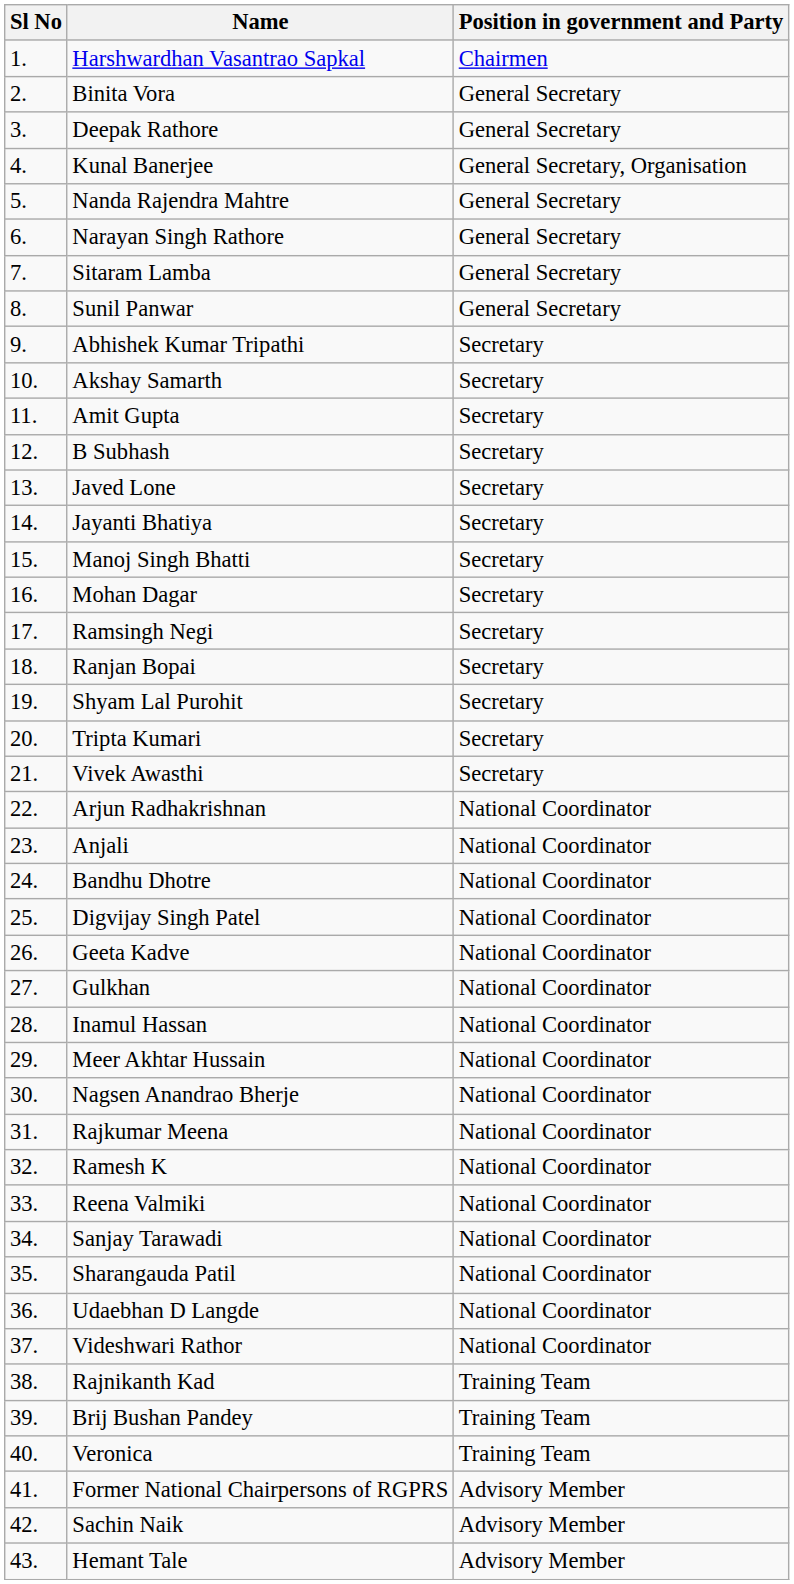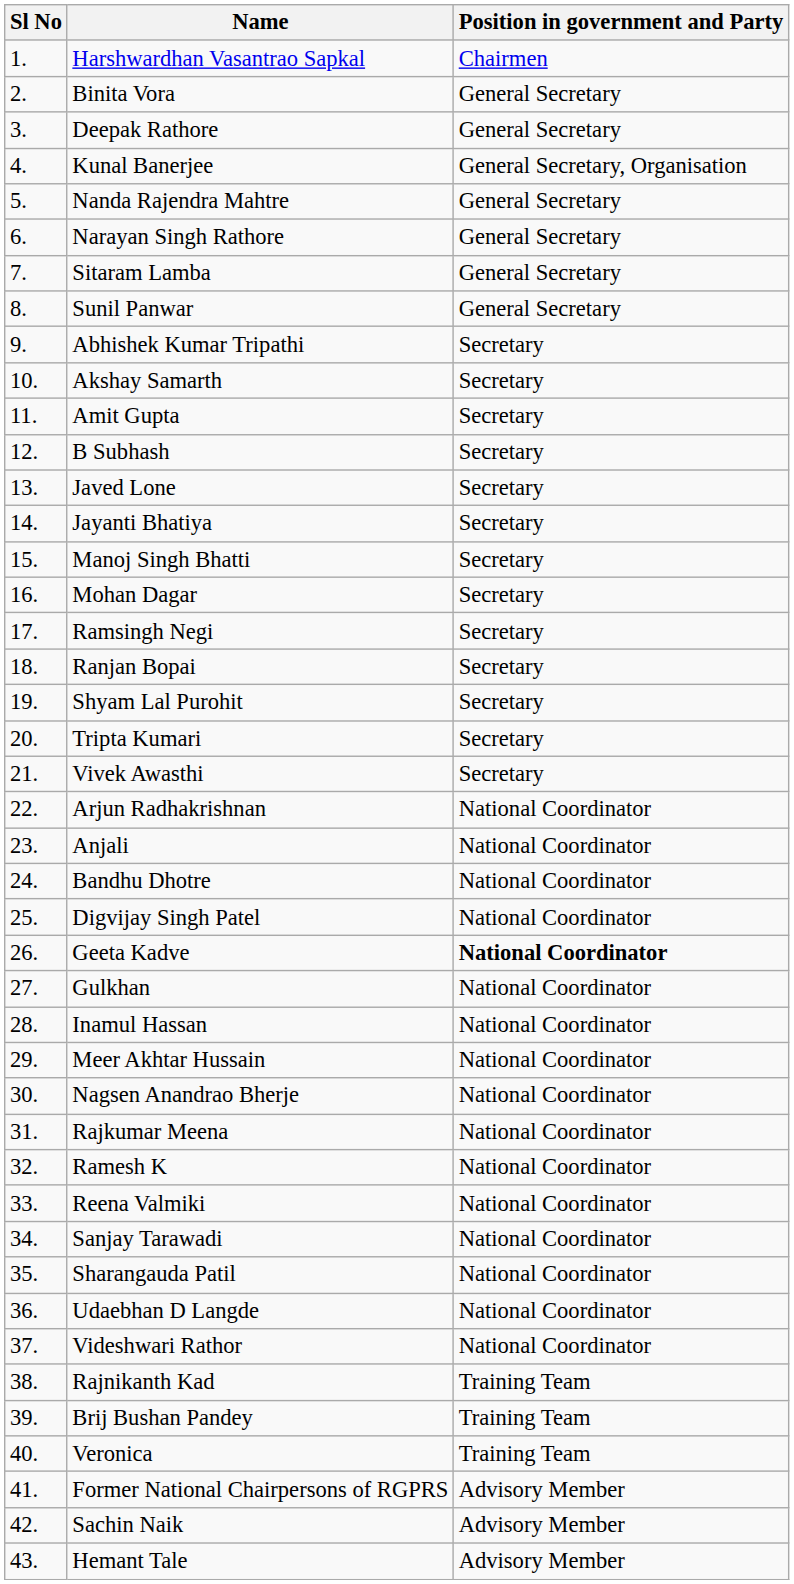 <table class="sortable wikitable">
 <tr>
 <th style="text-align:center;">Sl No</th>
 <th style="text-align:center;">Name</th>
 <th style="text-align:center;">Position in government and Party</th>
 </tr>
 <tr style="text-align:left;">
 <td>1.</td>
 <td><a href='#'>Harshwardhan Vasantrao Sapkal</a></td>
 <td><a href='#'>Chairmen</a></td>
 </tr>
 <tr>
 <td>2.</td>
 <td>Binita Vora</td>
 <td>General Secretary</td>
 </tr>
 <tr>
 <td>3.</td>
 <td>Deepak Rathore</td>
 <td>General Secretary</td>
 </tr>
 <tr>
 <td>4.</td>
 <td>Kunal Banerjee</td>
 <td>General Secretary, Organisation</td>
 </tr>
 <tr>
 <td>5.</td>
 <td>Nanda Rajendra Mahtre</td>
 <td>General Secretary</td>
 </tr>
 <tr>
 <td>6.</td>
 <td>Narayan Singh Rathore</td>
 <td>General Secretary</td>
 </tr>
 <tr>
 <td>7.</td>
 <td>Sitaram Lamba</td>
 <td>General Secretary</td>
 </tr>
 <tr>
 <td>8.</td>
 <td>Sunil Panwar</td>
 <td>General Secretary</td>
 </tr>
 <tr>
 <td>9.</td>
 <td>Abhishek Kumar Tripathi</td>
 <td>Secretary</td>
 </tr>
 <tr>
 <td>10.</td>
 <td>Akshay Samarth</td>
 <td>Secretary</td>
 </tr>
 <tr>
 <td>11.</td>
 <td>Amit Gupta</td>
 <td>Secretary</td>
 </tr>
 <tr>
 <td>12.</td>
 <td>B Subhash</td>
 <td>Secretary</td>
 </tr>
 <tr>
 <td>13.</td>
 <td>Javed Lone</td>
 <td>Secretary</td>
 </tr>
 <tr>
 <td>14.</td>
 <td>Jayanti Bhatiya</td>
 <td>Secretary</td>
 </tr>
 <tr>
 <td>15.</td>
 <td>Manoj Singh Bhatti</td>
 <td>Secretary</td>
 </tr>
 <tr>
 <td>16.</td>
 <td>Mohan Dagar</td>
 <td>Secretary</td>
 </tr>
 <tr>
 <td>17.</td>
 <td>Ramsingh Negi</td>
 <td>Secretary</td>
 </tr>
 <tr>
 <td>18.</td>
 <td>Ranjan Bopai</td>
 <td>Secretary</td>
 </tr>
 <tr>
 <td>19.</td>
 <td>Shyam Lal Purohit</td>
 <td>Secretary</td>
 </tr>
 <tr>
 <td>20.</td>
 <td>Tripta Kumari</td>
 <td>Secretary</td>
 </tr>
 <tr>
 <td>21.</td>
 <td>Vivek Awasthi</td>
 <td>Secretary</td>
 </tr>
 <tr>
 <td>22.</td>
 <td>Arjun Radhakrishnan</td>
 <td>National Coordinator</td>
 </tr>
 <tr>
 <td>23.</td>
 <td>Anjali</td>
 <td>National Coordinator</td>
 </tr>
 <tr>
 <td>24.</td>
 <td>Bandhu Dhotre</td>
 <td>National Coordinator</td>
 </tr>
 <tr>
 <td>25.</td>
 <td>Digvijay Singh Patel</td>
 <td>National Coordinator</td>
 </tr>
 <tr>
 <td>26.</td>
 <td>Geeta Kadve</td>
-<td>National Coordinator</td>
+<td><strong>National Coordinator</strong></td>
 </tr>
 <tr>
 <td>27.</td>
 <td>Gulkhan</td>
 <td>National Coordinator</td>
 </tr>
 <tr>
 <td>28.</td>
 <td>Inamul Hassan</td>
 <td>National Coordinator</td>
 </tr>
 <tr>
 <td>29.</td>
 <td>Meer Akhtar Hussain</td>
 <td>National Coordinator</td>
 </tr>
 <tr>
 <td>30.</td>
 <td>Nagsen Anandrao Bherje</td>
 <td>National Coordinator</td>
 </tr>
 <tr>
 <td>31.</td>
 <td>Rajkumar Meena</td>
 <td>National Coordinator</td>
 </tr>
 <tr>
 <td>32.</td>
 <td>Ramesh K</td>
 <td>National Coordinator</td>
 </tr>
 <tr>
 <td>33.</td>
 <td>Reena Valmiki</td>
 <td>National Coordinator</td>
 </tr>
 <tr>
 <td>34.</td>
 <td>Sanjay Tarawadi</td>
 <td>National Coordinator</td>
 </tr>
 <tr>
 <td>35.</td>
 <td>Sharangauda Patil</td>
 <td>National Coordinator</td>
 </tr>
 <tr>
 <td>36.</td>
 <td>Udaebhan D Langde</td>
 <td>National Coordinator</td>
 </tr>
 <tr>
 <td>37.</td>
 <td>Videshwari Rathor</td>
 <td>National Coordinator</td>
 </tr>
 <tr>
 <td>38.</td>
 <td>Rajnikanth Kad</td>
 <td>Training Team</td>
 </tr>
 <tr>
 <td>39.</td>
 <td>Brij Bushan Pandey</td>
 <td>Training Team</td>
 </tr>
 <tr>
 <td>40.</td>
 <td>Veronica</td>
 <td>Training Team</td>
 </tr>
 <tr>
 <td>41.</td>
 <td>Former National Chairpersons of RGPRS</td>
 <td>Advisory Member</td>
 </tr>
 <tr>
 <td>42.</td>
 <td>Sachin Naik</td>
 <td>Advisory Member</td>
 </tr>
 <tr>
 <td>43.</td>
 <td>Hemant Tale</td>
 <td>Advisory Member</td>
 </tr>
 </table>
